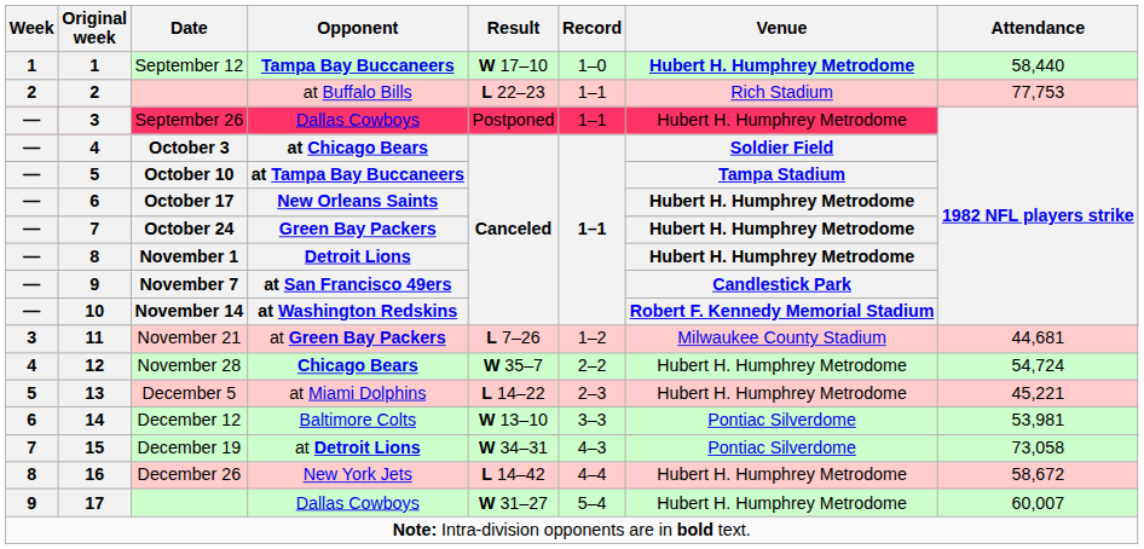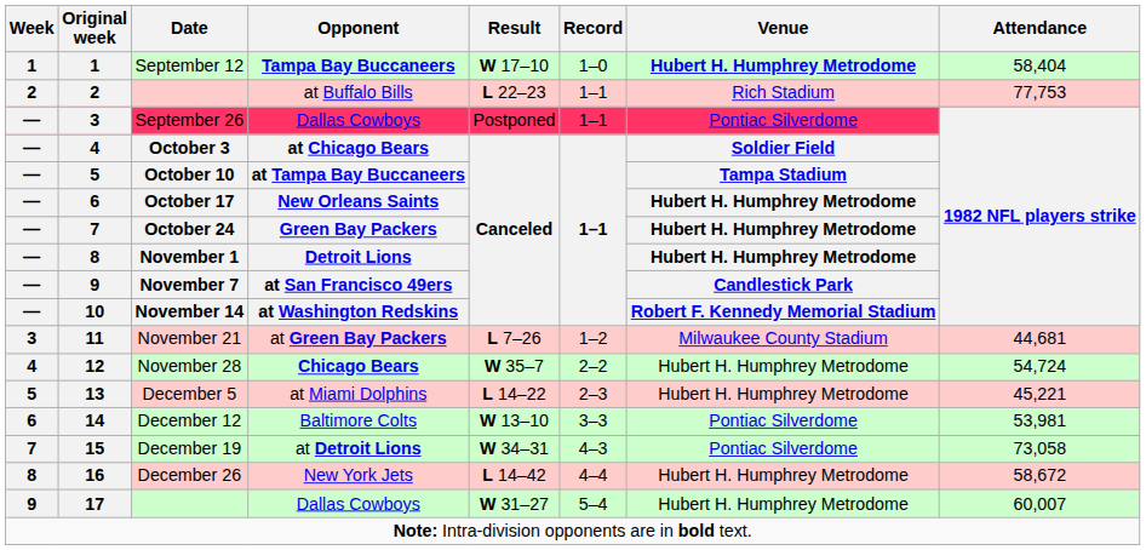 <table class="wikitable" style="text-align:center">
 <tr>
 <th>Week</th>
 <th>Original<br>week</th>
 <th>Date</th>
 <th>Opponent</th>
 <th>Result</th>
 <th>Record</th>
 <th>Venue</th>
 <th>Attendance</th>
 </tr>
 <tr style="background:#cfc">
 <th>1</th>
 <th>1</th>
 <td>September 12</td>
 <td><strong><a href='#'>Tampa Bay Buccaneers</a></strong></td>
 <td><strong>W</strong> 17–10</td>
 <td>1–0</td>
 <td><strong><a href='#'>Hubert H. Humphrey Metrodome</a></strong></td>
-<td>58,440</td>
+<td>58,404</td>
 </tr>
 <tr style="background:#fcc">
 <th>2</th>
 <th>2</th>
 <td></td>
 <td>at <a href='#'>Buffalo Bills</a></td>
 <td><strong>L</strong> 22–23</td>
 <td>1–1</td>
 <td><a href='#'>Rich Stadium</a></td>
 <td>77,753</td>
 </tr>
 <tr style="background:#F36;">
 <th>—</th>
 <th>3</th>
 <td>September 26</td>
 <td><a href='#'>Dallas Cowboys</a></td>
 <td>Postponed</td>
 <td>1–1</td>
-<td>Hubert H. Humphrey Metrodome</td>
+<td><a href='#'>Pontiac Silverdome</a></td>
 <th rowspan="8"><a href='#'>1982 NFL players strike</a></th>
 </tr>
 <tr>
 <th>—</th>
 <th>4</th>
 <th>October 3</th>
 <th>at <strong><a href='#'>Chicago Bears</a></strong></th>
 <th rowspan="7">Canceled</th>
 <th rowspan="7">1–1</th>
 <th><a href='#'>Soldier Field</a></th>
 </tr>
 <tr>
 <th>—</th>
 <th>5</th>
 <th>October 10</th>
 <th>at <strong><a href='#'>Tampa Bay Buccaneers</a></strong></th>
 <th><a href='#'>Tampa Stadium</a></th>
 </tr>
 <tr>
 <th>—</th>
 <th>6</th>
 <th>October 17</th>
 <th><a href='#'>New Orleans Saints</a></th>
 <th>Hubert H. Humphrey Metrodome</th>
 </tr>
 <tr style="background:#bababa">
 <th>—</th>
 <th>7</th>
 <th>October 24</th>
 <th><strong><a href='#'>Green Bay Packers</a></strong></th>
 <th>Hubert H. Humphrey Metrodome</th>
 </tr>
 <tr>
 <th>—</th>
 <th>8</th>
 <th>November 1</th>
 <th><strong><a href='#'>Detroit Lions</a></strong></th>
 <th>Hubert H. Humphrey Metrodome</th>
 </tr>
 <tr style="background:#bababa">
 <th>—</th>
 <th>9</th>
 <th>November 7</th>
 <th>at <a href='#'>San Francisco 49ers</a></th>
 <th><a href='#'>Candlestick Park</a></th>
 </tr>
 <tr style="background:#bababa">
 <th>—</th>
 <th>10</th>
 <th>November 14</th>
 <th>at <a href='#'>Washington Redskins</a></th>
 <th><a href='#'>Robert F. Kennedy Memorial Stadium</a></th>
 </tr>
 <tr style="background:#fcc">
 <th>3</th>
 <th>11</th>
 <td>November 21</td>
 <td>at <strong><a href='#'>Green Bay Packers</a></strong></td>
 <td><strong>L</strong> 7–26</td>
 <td>1–2</td>
 <td><a href='#'>Milwaukee County Stadium</a></td>
 <td>44,681</td>
 </tr>
 <tr style="background:#cfc">
 <th>4</th>
 <th>12</th>
 <td>November 28</td>
 <td><strong><a href='#'>Chicago Bears</a></strong></td>
 <td><strong>W</strong> 35–7</td>
 <td>2–2</td>
 <td>Hubert H. Humphrey Metrodome</td>
 <td>54,724</td>
 </tr>
 <tr style="background:#fcc">
 <th>5</th>
 <th>13</th>
 <td>December 5</td>
 <td>at <a href='#'>Miami Dolphins</a></td>
 <td><strong>L</strong> 14–22</td>
 <td>2–3</td>
 <td>Hubert H. Humphrey Metrodome</td>
 <td>45,221</td>
 </tr>
 <tr style="background:#cfc">
 <th>6</th>
 <th>14</th>
 <td>December 12</td>
 <td><a href='#'>Baltimore Colts</a></td>
 <td><strong>W</strong> 13–10</td>
 <td>3–3</td>
 <td><a href='#'>Pontiac Silverdome</a></td>
 <td>53,981</td>
 </tr>
 <tr style="background:#cfc">
 <th>7</th>
 <th>15</th>
 <td>December 19</td>
 <td>at <strong><a href='#'>Detroit Lions</a></strong></td>
 <td><strong>W</strong> 34–31</td>
 <td>4–3</td>
 <td><a href='#'>Pontiac Silverdome</a></td>
 <td>73,058</td>
 </tr>
 <tr style="background:#fcc">
 <th>8</th>
 <th>16</th>
 <td>December 26</td>
 <td><a href='#'>New York Jets</a></td>
 <td><strong>L</strong> 14–42</td>
 <td>4–4</td>
 <td>Hubert H. Humphrey Metrodome</td>
 <td>58,672</td>
 </tr>
 <tr style="background:#cfc">
 <th>9</th>
 <th>17</th>
 <td></td>
 <td><a href='#'>Dallas Cowboys</a></td>
 <td><strong>W</strong> 31–27</td>
 <td>5–4</td>
 <td>Hubert H. Humphrey Metrodome</td>
 <td>60,007</td>
 </tr>
 <tr>
 <td colspan="8"><strong>Note:</strong> Intra-division opponents are in <strong>bold</strong> text.</td>
 </tr>
 </table>
